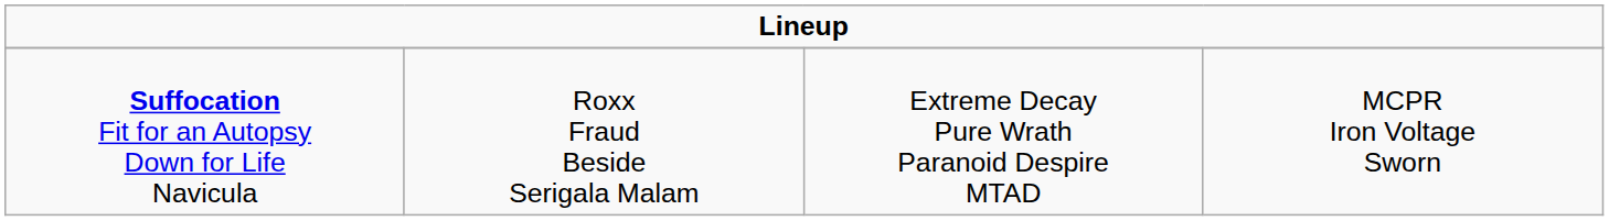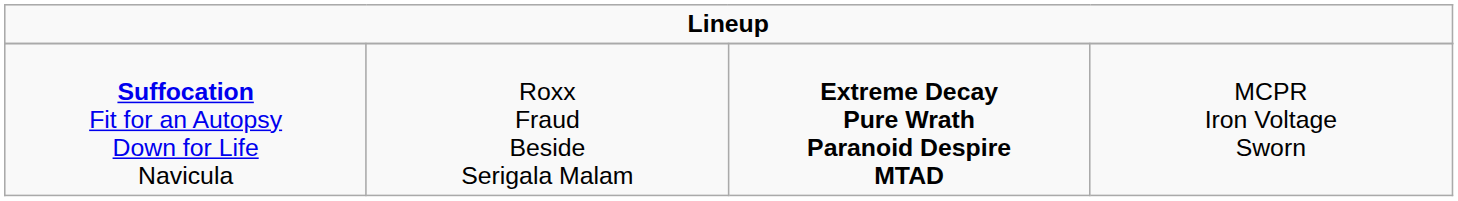 <table class="wikitable">
 <tr>
 <td colspan="4" align="center"><strong>Lineup</strong></td>
 </tr>
 <tr>
 </tr>
 <tr>
 <td valign="top" align="center" width=226><br><strong><a href='#'>Suffocation</a></strong><br> <a href='#'>Fit for an Autopsy</a><br> <a href='#'>Down for Life</a><br> Navicula<br></td>
 <td valign="top" align="center" width=226><br>Roxx<br> Fraud<br> Beside<br> Serigala Malam<br></td>
-<td valign="top" align="center" width=226><br>Extreme Decay<br> Pure Wrath<br> Paranoid Despire<br> MTAD<br></td>
+<td valign="top" align="center" width=226><strong><br>Extreme Decay<br> Pure Wrath<br> Paranoid Despire<br> MTAD<br></strong></td>
 <td valign="top" align="center" width=226><br>MCPR<br> Iron Voltage<br> Sworn<br></td>
 </tr>
 </table>
